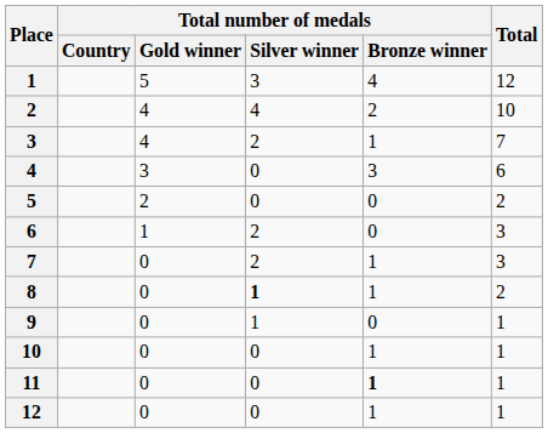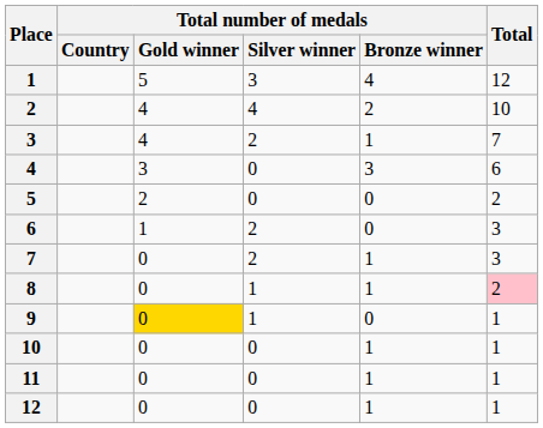 <table class="wikitable sortable">
 <tr>
 <th rowspan="2">Place</th>
 <th colspan="4">Total number of medals</th>
 <th rowspan="2">Total</th>
 </tr>
 <tr>
 <th>Country</th>
 <th>Gold winner</th>
 <th>Silver winner</th>
 <th>Bronze winner</th>
 </tr>
 <tr>
 <th>1</th>
 <td></td>
 <td>5</td>
 <td>3</td>
 <td>4</td>
 <td>12</td>
 </tr>
 <tr>
 <th>2</th>
 <td></td>
 <td>4</td>
 <td>4</td>
 <td>2</td>
 <td>10</td>
 </tr>
 <tr>
 <th>3</th>
 <td></td>
 <td>4</td>
 <td>2</td>
 <td>1</td>
 <td>7</td>
 </tr>
 <tr>
 <th>4</th>
 <td></td>
 <td>3</td>
 <td>0</td>
 <td>3</td>
 <td>6</td>
 </tr>
 <tr>
 <th>5</th>
 <td></td>
 <td>2</td>
 <td>0</td>
 <td>0</td>
 <td>2</td>
 </tr>
 <tr>
 <th>6</th>
 <td></td>
 <td>1</td>
 <td>2</td>
 <td>0</td>
 <td>3</td>
 </tr>
 <tr>
 <th>7</th>
 <td></td>
 <td>0</td>
 <td>2</td>
 <td>1</td>
 <td>3</td>
 </tr>
 <tr>
 <th>8</th>
 <td></td>
 <td>0</td>
-<td><strong>1</strong></td>
 <td>1</td>
-<td>2</td>
+<td>1</td>
+<td style="background: pink;">2</td>
 </tr>
 <tr>
 <th>9</th>
 <td></td>
-<td>0</td>
+<td style="background: gold;">0</td>
 <td>1</td>
 <td>0</td>
 <td>1</td>
 </tr>
 <tr>
 <th>10</th>
 <td></td>
 <td>0</td>
 <td>0</td>
 <td>1</td>
 <td>1</td>
 </tr>
 <tr>
 <th>11</th>
 <td></td>
 <td>0</td>
 <td>0</td>
-<td><strong>1</strong></td>
+<td>1</td>
 <td>1</td>
 </tr>
 <tr>
 <th>12</th>
 <td></td>
 <td>0</td>
 <td>0</td>
 <td>1</td>
 <td>1</td>
 </tr>
 </table>
